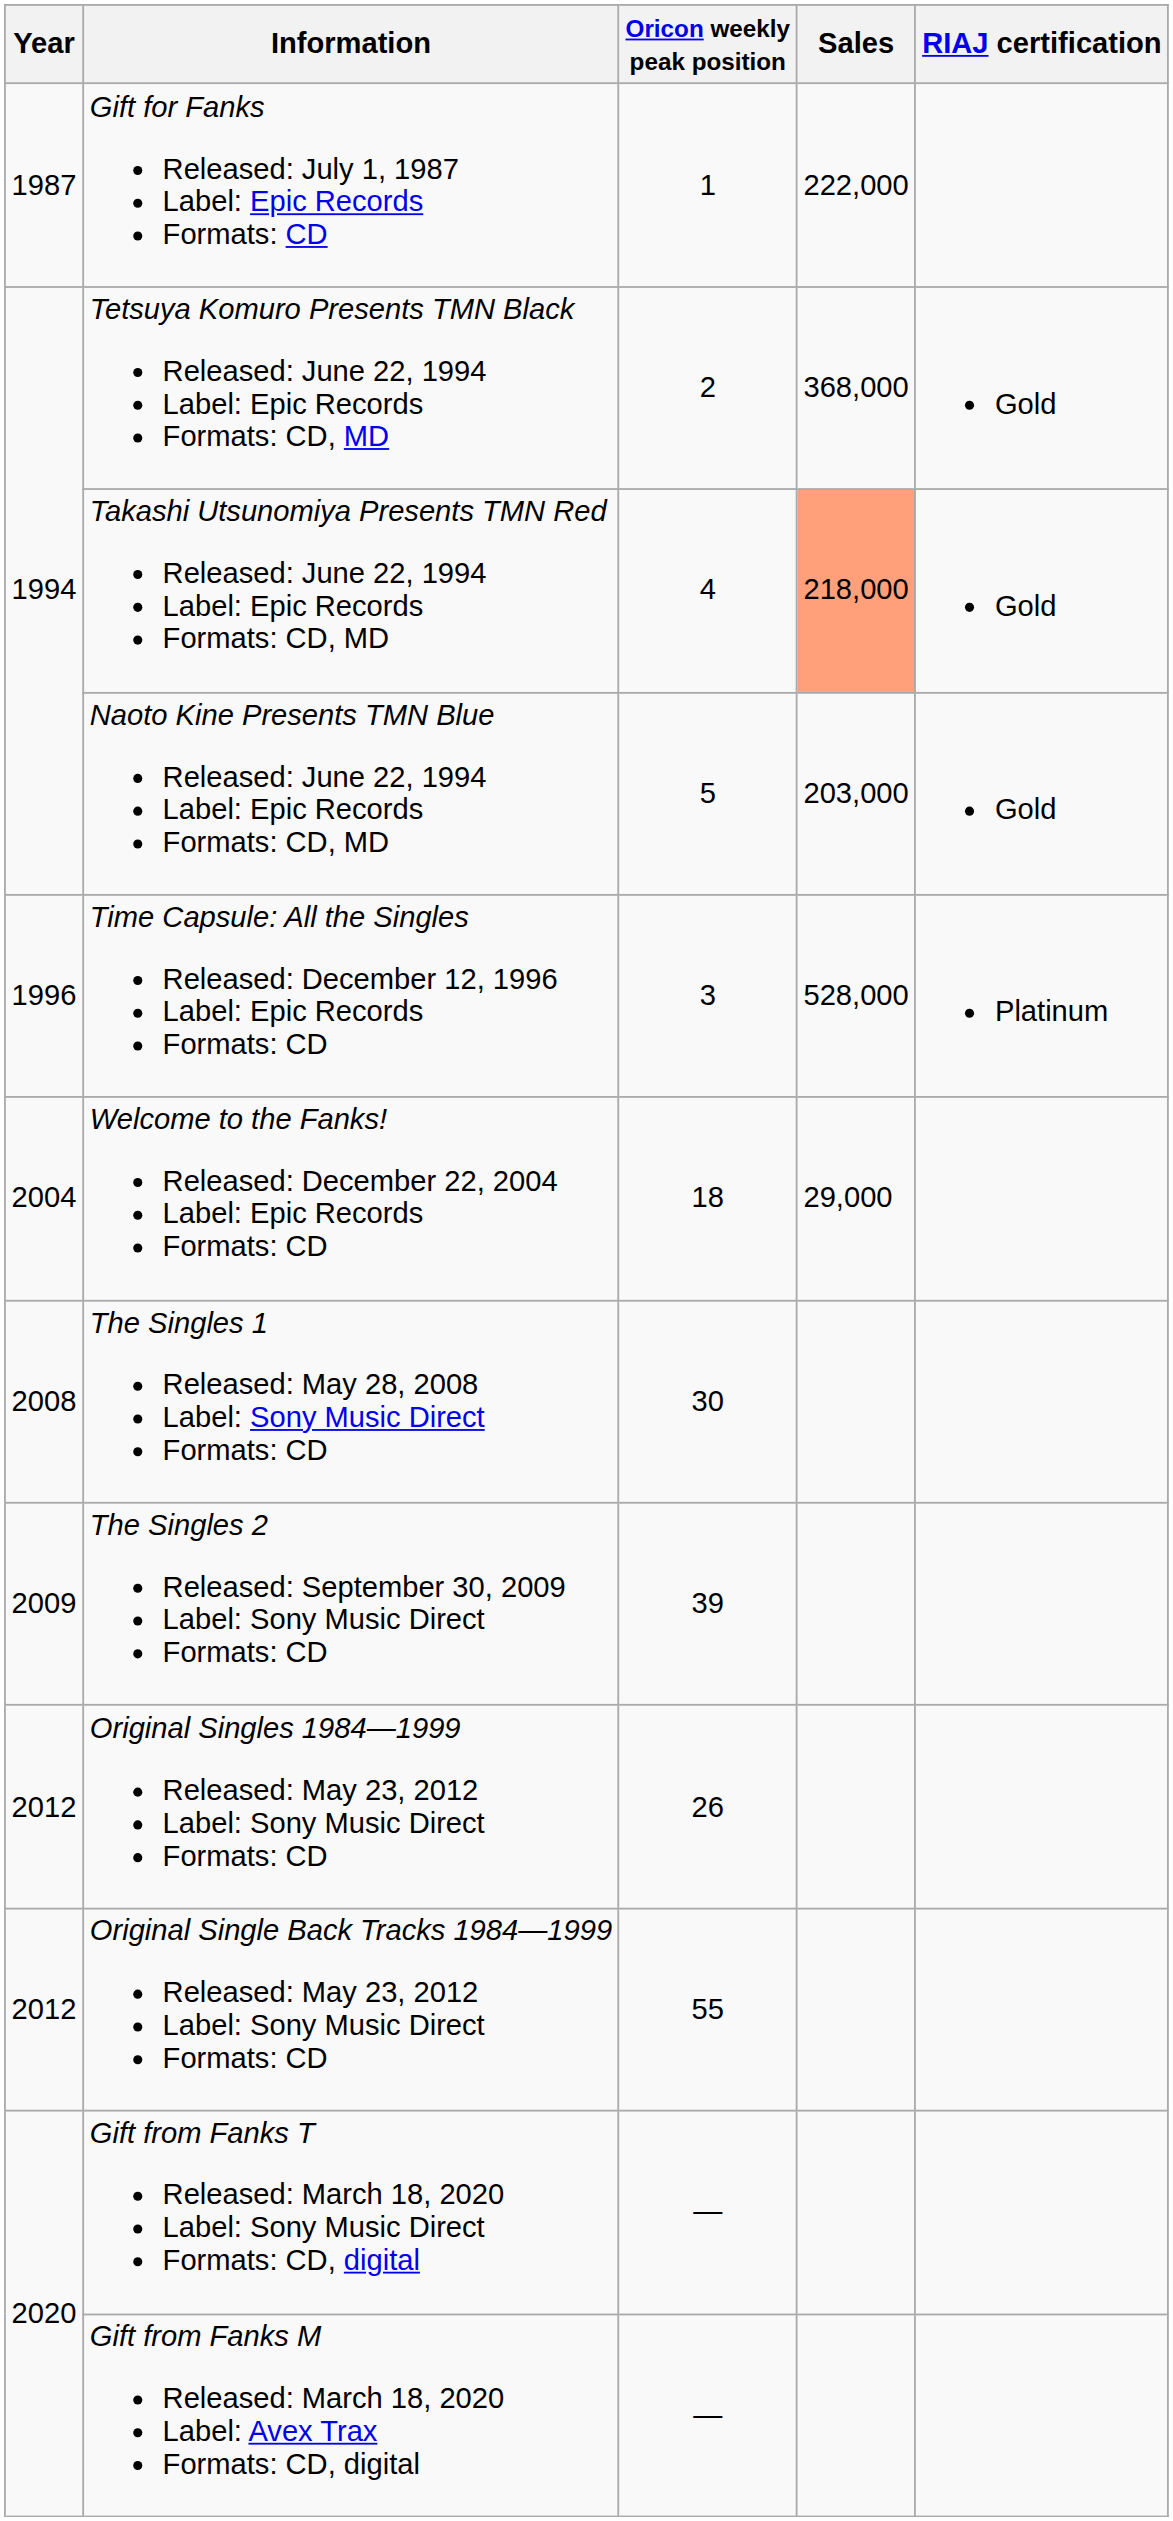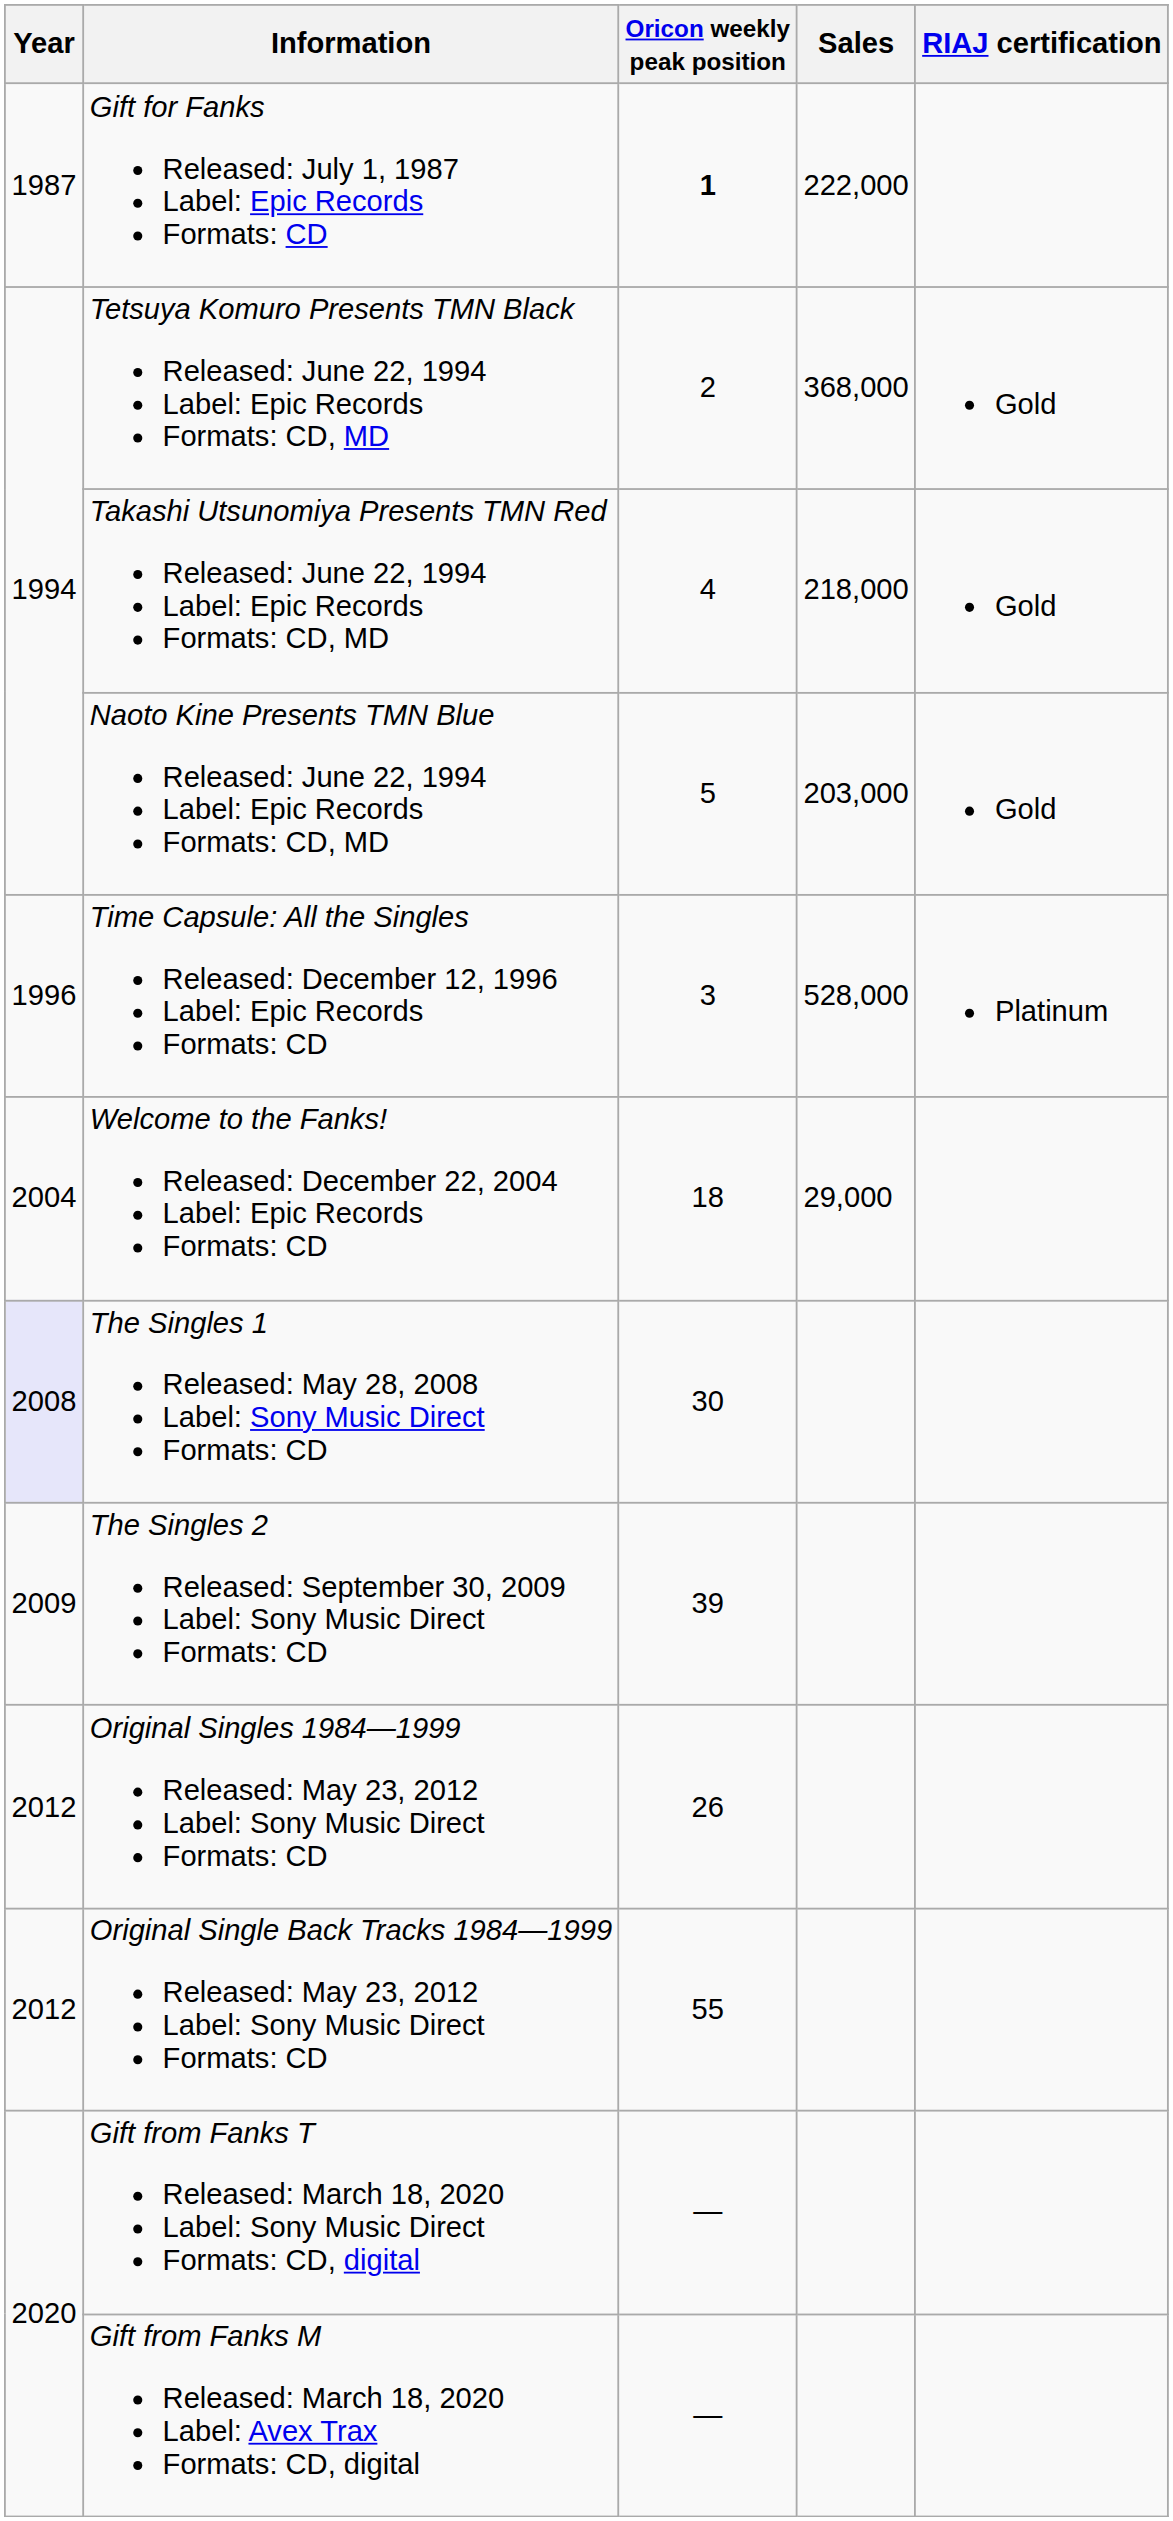 <table class="wikitable">
 <tr>
 <th>Year</th>
 <th>Information</th>
 <th><small><a href='#'>Oricon</a> weekly<br>peak position</small></th>
 <th>Sales<br></th>
 <th><a href='#'>RIAJ</a> certification</th>
 </tr>
 <tr>
 <td>1987</td>
 <td><em>Gift for Fanks</em><br><ul><li>Released: July 1, 1987</li><li>Label: <a href='#'>Epic Records</a></li><li>Formats: <a href='#'>CD</a></li></ul></td>
-<td style="text-align:center;">1</td>
+<td style="text-align:center;"><strong>1</strong></td>
 <td align="left">222,000</td>
 <td align="left"></td>
 </tr>
 <tr>
 <td rowspan="3">1994</td>
 <td><em>Tetsuya Komuro Presents TMN Black</em><br><ul><li>Released: June 22, 1994</li><li>Label: Epic Records</li><li>Formats: CD, <a href='#'>MD</a></li></ul></td>
 <td style="text-align:center;">2</td>
 <td align="left">368,000</td>
 <td align="left"><br><ul><li>Gold</li></ul></td>
 </tr>
 <tr>
 <td><em>Takashi Utsunomiya Presents TMN Red</em><br><ul><li>Released: June 22, 1994</li><li>Label: Epic Records</li><li>Formats: CD, MD</li></ul></td>
 <td style="text-align:center;">4</td>
-<td align="left" style="background: lightsalmon;">218,000</td>
+<td align="left">218,000</td>
 <td align="left"><br><ul><li>Gold</li></ul></td>
 </tr>
 <tr>
 <td><em>Naoto Kine Presents TMN Blue</em><br><ul><li>Released: June 22, 1994</li><li>Label: Epic Records</li><li>Formats: CD, MD</li></ul></td>
 <td style="text-align:center;">5</td>
 <td align="left">203,000</td>
 <td align="left"><br><ul><li>Gold</li></ul></td>
 </tr>
 <tr>
 <td>1996</td>
 <td><em>Time Capsule: All the Singles</em><br><ul><li>Released: December 12, 1996</li><li>Label: Epic Records</li><li>Formats: CD</li></ul></td>
 <td style="text-align:center;">3</td>
 <td align="left">528,000</td>
 <td align="left"><br><ul><li>Platinum</li></ul></td>
 </tr>
 <tr>
 <td>2004</td>
 <td><em>Welcome to the Fanks!</em><br><ul><li>Released: December 22, 2004</li><li>Label: Epic Records</li><li>Formats: CD</li></ul></td>
 <td style="text-align:center;">18</td>
 <td align="left">29,000</td>
 <td align="left"></td>
 </tr>
 <tr>
-<td>2008</td>
+<td style="background: lavender;">2008</td>
 <td><em>The Singles 1</em><br><ul><li>Released: May 28, 2008</li><li>Label: <a href='#'>Sony Music Direct</a></li><li>Formats: CD</li></ul></td>
 <td style="text-align:center;">30</td>
 <td align="left"></td>
 <td align="left"></td>
 </tr>
 <tr>
 <td>2009</td>
 <td><em>The Singles 2</em><br><ul><li>Released: September 30, 2009</li><li>Label: Sony Music Direct</li><li>Formats: CD</li></ul></td>
 <td style="text-align:center;">39</td>
 <td align="left"></td>
 <td align="left"></td>
 </tr>
 <tr>
 <td>2012</td>
 <td><em>Original Singles 1984—1999</em><br><ul><li>Released: May 23, 2012</li><li>Label: Sony Music Direct</li><li>Formats: CD</li></ul></td>
 <td style="text-align:center;">26</td>
 <td align="left"></td>
 <td align="left"></td>
 </tr>
 <tr>
 <td>2012</td>
 <td><em>Original Single Back Tracks 1984—1999</em><br><ul><li>Released: May 23, 2012</li><li>Label: Sony Music Direct</li><li>Formats: CD</li></ul></td>
 <td style="text-align:center;">55</td>
 <td align="left"></td>
 <td align="left"></td>
 </tr>
 <tr>
 <td rowspan="2">2020</td>
 <td><em>Gift from Fanks T</em><br><ul><li>Released: March 18, 2020</li><li>Label: Sony Music Direct</li><li>Formats: CD, <a href='#'>digital</a></li></ul></td>
 <td style="text-align:center;">—</td>
 <td align="left"></td>
 <td align="left"></td>
 </tr>
 <tr>
 <td><em>Gift from Fanks M</em><br><ul><li>Released: March 18, 2020</li><li>Label: <a href='#'>Avex Trax</a></li><li>Formats: CD, digital</li></ul></td>
 <td style="text-align:center;">—</td>
 <td align="left"></td>
 <td align="left"></td>
 </tr>
 </table>
